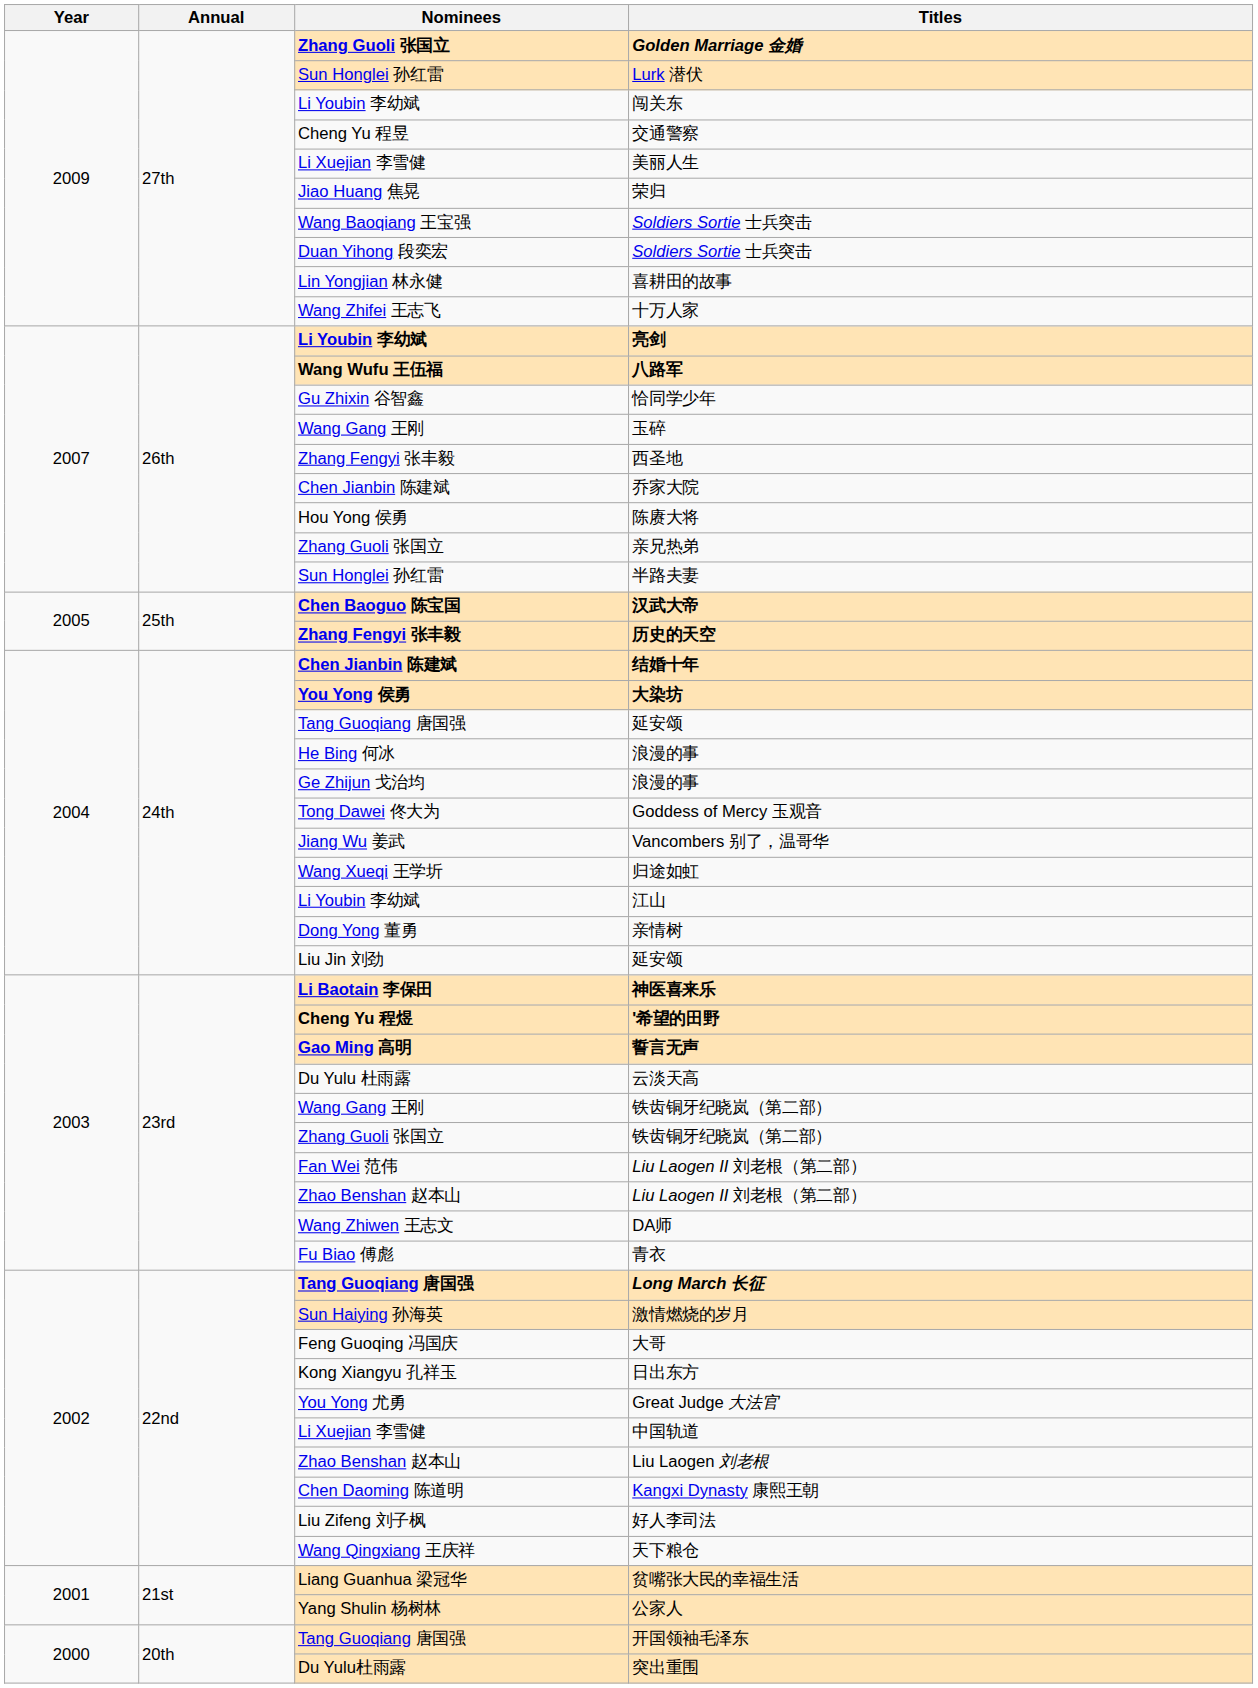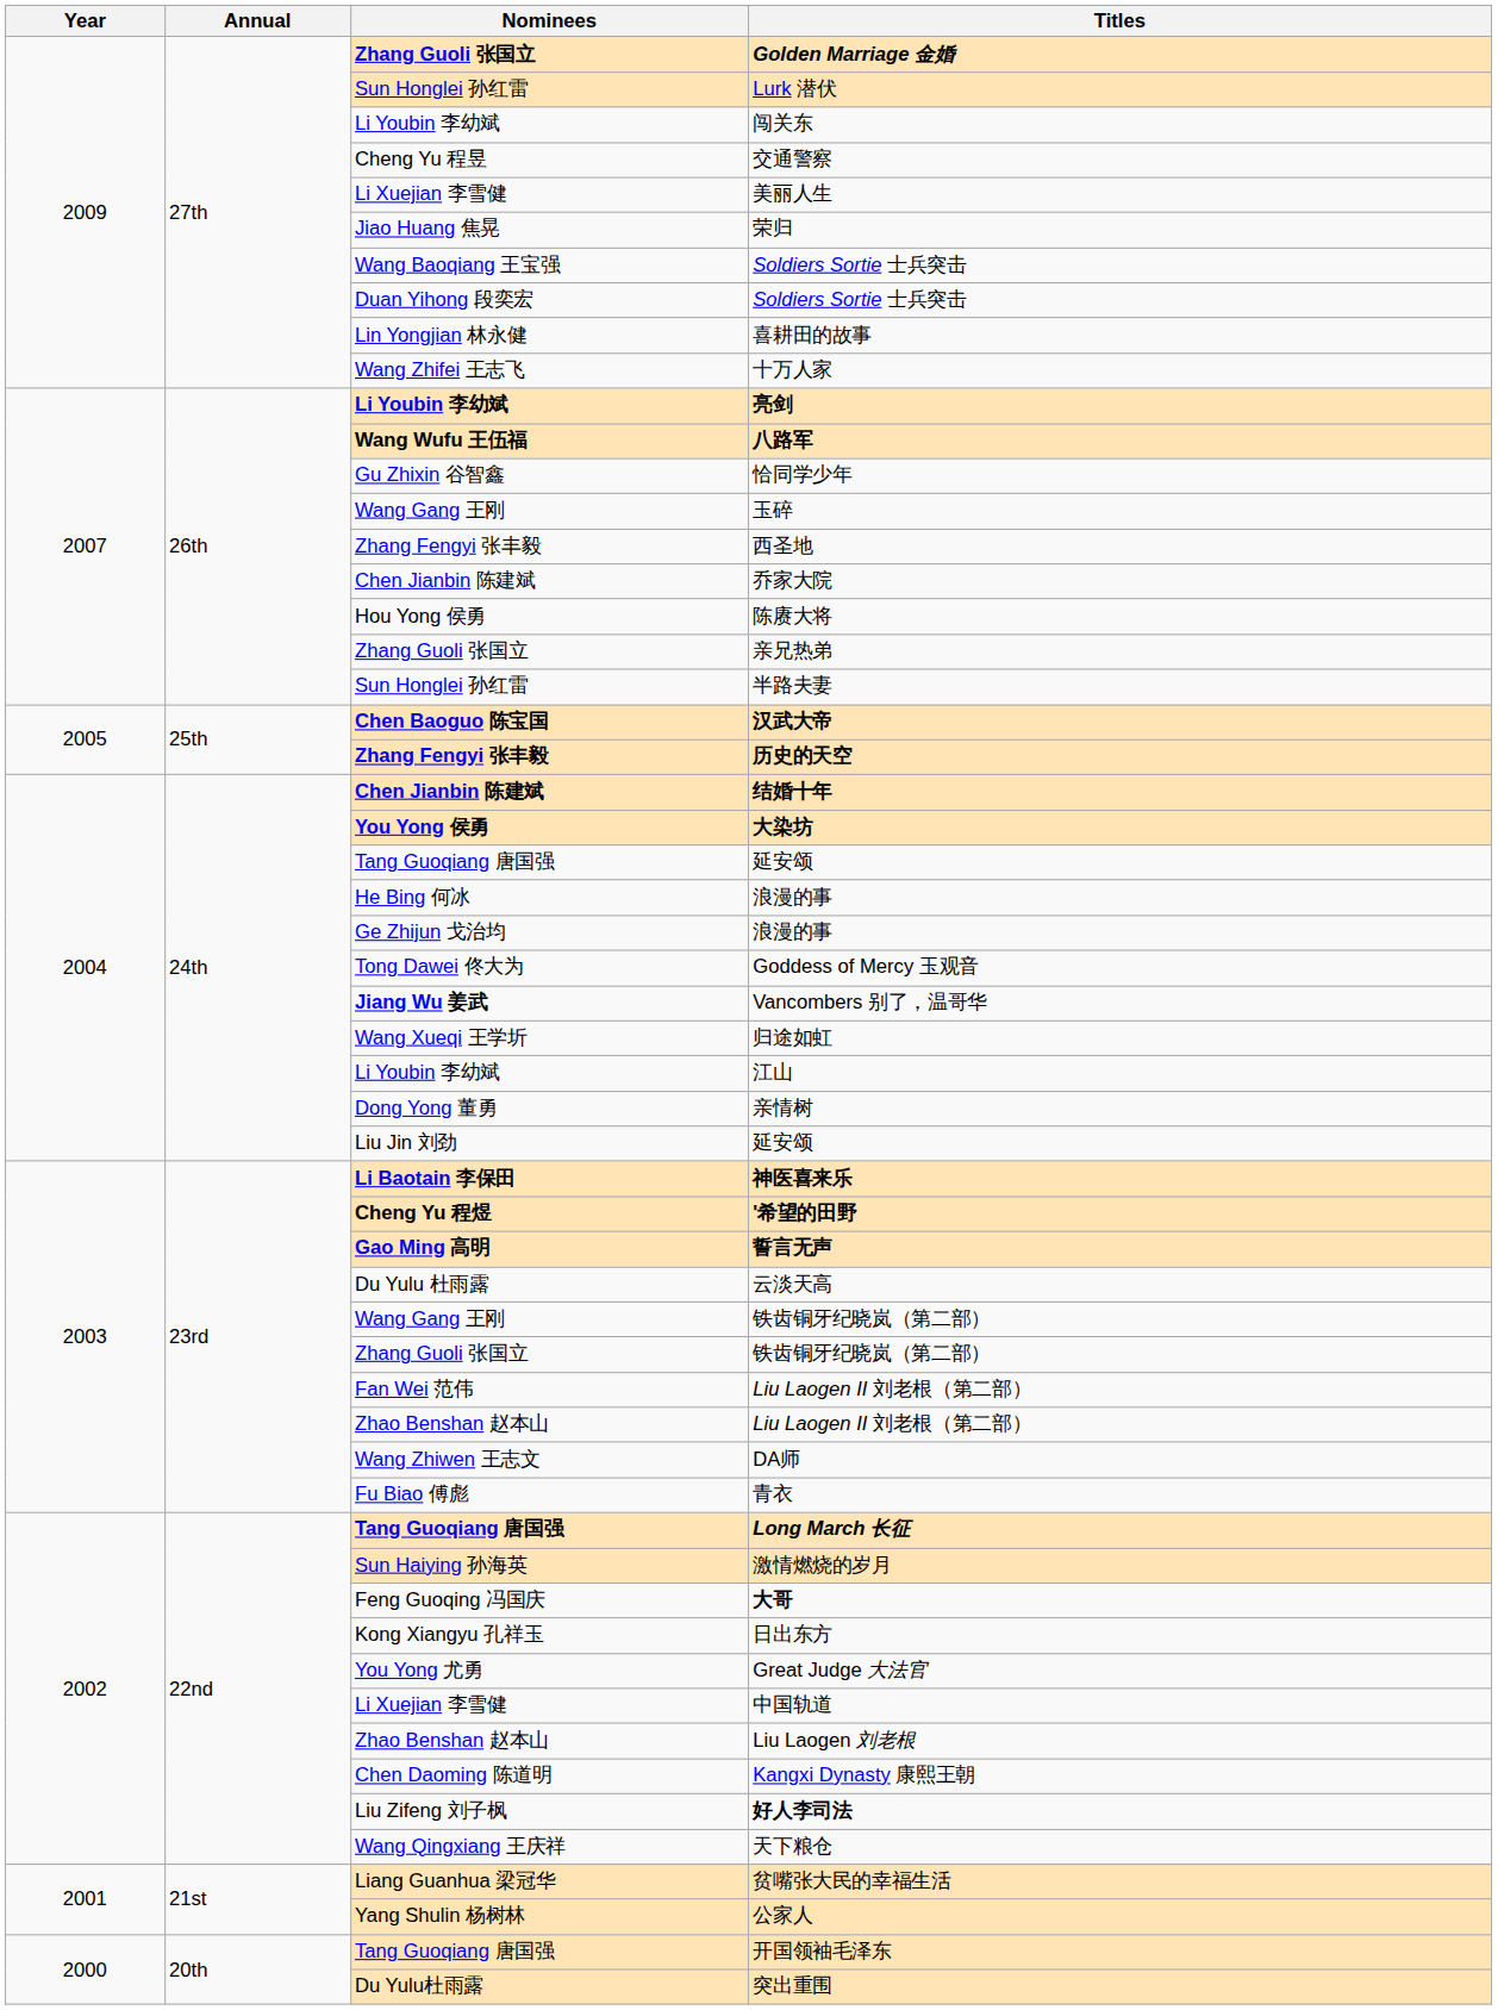 <table class="wikitable" width="95%" align="center">
 <tr>
 <th width="6%">Year</th>
 <th width="7%">Annual</th>
 <th width="15%">Nominees</th>
 <th width="28%">Titles</th>
 </tr>
 <tr>
 <td rowspan="10" style="text-align:center;">2009</td>
 <td rowspan="10">27th</td>
 <td style="background:#FFE4B5;"><strong><a href='#'>Zhang Guoli</a> 张国立</strong></td>
 <td style="background:#FFE4B5;"><strong><em>Golden Marriage<em> 金婚<strong></td>
 </tr>
 <tr>
 <td style="background:#FFE4B5;"></strong><a href='#'>Sun Honglei</a> 孙红雷<strong></td>
 <td style="background:#FFE4B5;"></em></strong><a href='#'>Lurk</a></em> 潜伏</strong></td>
 </tr>
 <tr>
 <td><a href='#'>Li Youbin</a> 李幼斌</td>
 <td>闯关东</td>
 </tr>
 <tr>
 <td>Cheng Yu 程昱</td>
 <td>交通警察</td>
 </tr>
 <tr>
 <td><a href='#'>Li Xuejian</a> 李雪健</td>
 <td>美丽人生</td>
 </tr>
 <tr>
 <td><a href='#'>Jiao Huang</a> 焦晃</td>
 <td>荣归</td>
 </tr>
 <tr>
 <td><a href='#'>Wang Baoqiang</a> 王宝强</td>
 <td><em><a href='#'>Soldiers Sortie</a></em> 士兵突击</td>
 </tr>
 <tr>
 <td><a href='#'>Duan Yihong</a> 段奕宏</td>
 <td><em><a href='#'>Soldiers Sortie</a></em> 士兵突击</td>
 </tr>
 <tr>
 <td><a href='#'>Lin Yongjian</a> 林永健</td>
 <td>喜耕田的故事</td>
 </tr>
 <tr>
 <td><a href='#'>Wang Zhifei</a>  王志飞</td>
 <td>十万人家</td>
 </tr>
 <tr>
 <td rowspan="9" style="text-align:center;">2007</td>
 <td rowspan="9">26th</td>
 <td style="background:#FFE4B5;"><strong><a href='#'>Li Youbin</a> 李幼斌</strong></td>
 <td style="background:#FFE4B5;"><strong>亮剑</strong></td>
 </tr>
 <tr>
 <td style="background:#FFE4B5;"><strong>Wang Wufu 王伍福</strong></td>
 <td style="background:#FFE4B5;"><strong>八路军</strong></td>
 </tr>
 <tr>
 <td><a href='#'>Gu Zhixin</a> 谷智鑫</td>
 <td>恰同学少年</td>
 </tr>
 <tr>
 <td><a href='#'>Wang Gang</a> 王刚</td>
 <td>玉碎</td>
 </tr>
 <tr>
 <td><a href='#'>Zhang Fengyi</a> 张丰毅</td>
 <td>西圣地</td>
 </tr>
 <tr>
 <td><a href='#'>Chen Jianbin</a> 陈建斌</td>
 <td>乔家大院</td>
 </tr>
 <tr>
 <td>Hou Yong 侯勇</td>
 <td>陈赓大将</td>
 </tr>
 <tr>
 <td><a href='#'>Zhang Guoli</a> 张国立</td>
 <td>亲兄热弟</td>
 </tr>
 <tr>
 <td><a href='#'>Sun Honglei</a> 孙红雷</td>
 <td>半路夫妻</td>
 </tr>
 <tr>
 <td rowspan="2" style="text-align:center;">2005</td>
 <td rowspan="2">25th</td>
 <td style="background:#FFE4B5;"><strong><a href='#'>Chen Baoguo</a> 陈宝国</strong></td>
 <td style="background:#FFE4B5;"><strong>汉武大帝</strong></td>
 </tr>
 <tr>
 <td style="background:#FFE4B5;"><strong><a href='#'>Zhang Fengyi</a> 张丰毅</strong></td>
 <td style="background:#FFE4B5;"><strong>历史的天空</strong></td>
 </tr>
 <tr>
 <td rowspan="11" style="text-align:center;">2004</td>
 <td rowspan="11">24th</td>
 <td style="background:#FFE4B5;"><strong><a href='#'>Chen Jianbin</a> 陈建斌</strong></td>
 <td style="background:#FFE4B5;"><strong>结婚十年</strong></td>
 </tr>
 <tr>
 <td style="background:#FFE4B5;"><strong><a href='#'>You Yong</a> 侯勇</strong></td>
 <td style="background:#FFE4B5;"><strong>大染坊</strong></td>
 </tr>
 <tr>
 <td><a href='#'>Tang Guoqiang</a> 唐国强</td>
 <td>延安颂</td>
 </tr>
 <tr>
 <td><a href='#'>He Bing</a> 何冰</td>
 <td>浪漫的事</td>
 </tr>
 <tr>
 <td><a href='#'>Ge Zhijun</a> 戈治均</td>
 <td>浪漫的事</td>
 </tr>
 <tr>
 <td><a href='#'>Tong Dawei</a> 佟大为</td>
 <td>Goddess of Mercy 玉观音</td>
 </tr>
 <tr>
-<td><a href='#'>Jiang Wu</a> 姜武</td>
+<td><strong><a href='#'>Jiang Wu</a> 姜武</strong></td>
 <td>Vancombers 别了，温哥华</td>
 </tr>
 <tr>
 <td><a href='#'>Wang Xueqi</a> 王学圻</td>
 <td>归途如虹</td>
 </tr>
 <tr>
 <td><a href='#'>Li Youbin</a> 李幼斌</td>
 <td>江山</td>
 </tr>
 <tr>
 <td><a href='#'>Dong Yong</a> 董勇</td>
 <td>亲情树</td>
 </tr>
 <tr>
 <td>Liu Jin 刘劲</td>
 <td>延安颂</td>
 </tr>
 <tr>
 <td rowspan="10" style="text-align:center;">2003</td>
 <td rowspan="10">23rd</td>
 <td style="background:#FFE4B5;"><strong><a href='#'>Li Baotain</a> 李保田</strong></td>
 <td style="background:#FFE4B5;"><strong>神医喜来乐</strong></td>
 </tr>
 <tr>
 <td style="background:#FFE4B5;"><strong>Cheng Yu 程煜</strong></td>
 <td style="background:#FFE4B5;"><strong>'希望的田野</strong></td>
 </tr>
 <tr>
 <td style="background:#FFE4B5;"><strong><a href='#'>Gao Ming</a> 高明</strong></td>
 <td style="background:#FFE4B5;"><strong>誓言无声</strong></td>
 </tr>
 <tr>
 <td>Du Yulu 杜雨露</td>
 <td>云淡天高</td>
 </tr>
 <tr>
 <td><a href='#'>Wang Gang</a> 王刚</td>
 <td>铁齿铜牙纪晓岚（第二部）</td>
 </tr>
 <tr>
 <td><a href='#'>Zhang Guoli</a> 张国立</td>
 <td>铁齿铜牙纪晓岚（第二部）</td>
 </tr>
 <tr>
 <td><a href='#'>Fan Wei</a> 范伟</td>
 <td><em>Liu Laogen II</em> 刘老根（第二部）</td>
 </tr>
 <tr>
 <td><a href='#'>Zhao Benshan</a> 赵本山</td>
 <td><em>Liu Laogen II</em> 刘老根（第二部）</td>
 </tr>
 <tr>
 <td><a href='#'>Wang Zhiwen</a> 王志文</td>
 <td>DA师</td>
 </tr>
 <tr>
 <td><a href='#'>Fu Biao</a> 傅彪</td>
 <td>青衣</td>
 </tr>
 <tr>
 <td rowspan="10" style="text-align:center;">2002</td>
 <td rowspan="10">22nd</td>
 <td style="background:#FFE4B5;"><strong><a href='#'>Tang Guoqiang</a> 唐国强</strong></td>
 <td style="background:#FFE4B5;"><strong><em>Long March<em> 长征<strong></td>
 </tr>
 <tr>
 <td style="background:#FFE4B5;"></strong><a href='#'>Sun Haiying</a> 孙海英<strong></td>
 <td style="background:#FFE4B5;"></strong>激情燃烧的岁月<strong></td>
 </tr>
 <tr>
 <td>Feng Guoqing 冯国庆</td>
-<td>大哥</td>
+<td><strong>大哥</strong></td>
 </tr>
 <tr>
 <td>Kong Xiangyu 孔祥玉</td>
 <td>日出东方</td>
 </tr>
 <tr>
 <td><a href='#'>You Yong</a> 尤勇</td>
 <td></em>Great Judge<em> 大法官</td>
 </tr>
 <tr>
 <td><a href='#'>Li Xuejian</a> 李雪健</td>
 <td>中国轨道</td>
 </tr>
 <tr>
 <td><a href='#'>Zhao Benshan</a> 赵本山</td>
 <td></em>Liu Laogen<em> 刘老根</td>
 </tr>
 <tr>
 <td><a href='#'>Chen Daoming</a> 陈道明</td>
 <td><a href='#'>Kangxi Dynasty</a> 康熙王朝</td>
 </tr>
 <tr>
 <td>Liu Zifeng 刘子枫</td>
-<td>好人李司法</td>
+<td><strong>好人李司法</strong></td>
 </tr>
 <tr>
 <td><a href='#'>Wang Qingxiang</a> 王庆祥</td>
 <td>天下粮仓</td>
 </tr>
 <tr>
 <td rowspan="2" style="text-align:center;">2001</td>
 <td rowspan="2">21st</td>
 <td style="background:#FFE4B5;"></strong>Liang Guanhua 梁冠华<strong></td>
 <td style="background:#FFE4B5;"></strong>贫嘴张大民的幸福生活<strong></td>
 </tr>
 <tr>
 <td style="background:#FFE4B5;"></strong>Yang Shulin 杨树林<strong></td>
 <td style="background:#FFE4B5;"></strong>公家人<strong></td>
 </tr>
 <tr>
 <td rowspan="10" style="text-align:center;">2000</td>
 <td rowspan="10">20th</td>
 <td style="background:#FFE4B5;"></strong><a href='#'>Tang Guoqiang</a> 唐国强<strong></td>
 <td style="background:#FFE4B5;"></strong>开国领袖毛泽东<strong></td>
 </tr>
 <tr>
 <td style="background:#FFE4B5;"></strong>Du Yulu杜雨露<strong></td>
 <td style="background:#FFE4B5;"></strong>突出重围<strong></td>
 </tr>
 </table>
